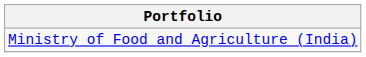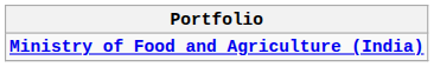 <table class="wikitable">
 <tr>
 <th>Portfolio</th>
 </tr>
 <tr>
-<td><a href='#'>Ministry of Food and Agriculture (India)</a></td>
+<td><strong><a href='#'>Ministry of Food and Agriculture (India)</a></strong></td>
 </tr>
 <tr>
 </tr>
 </table>
